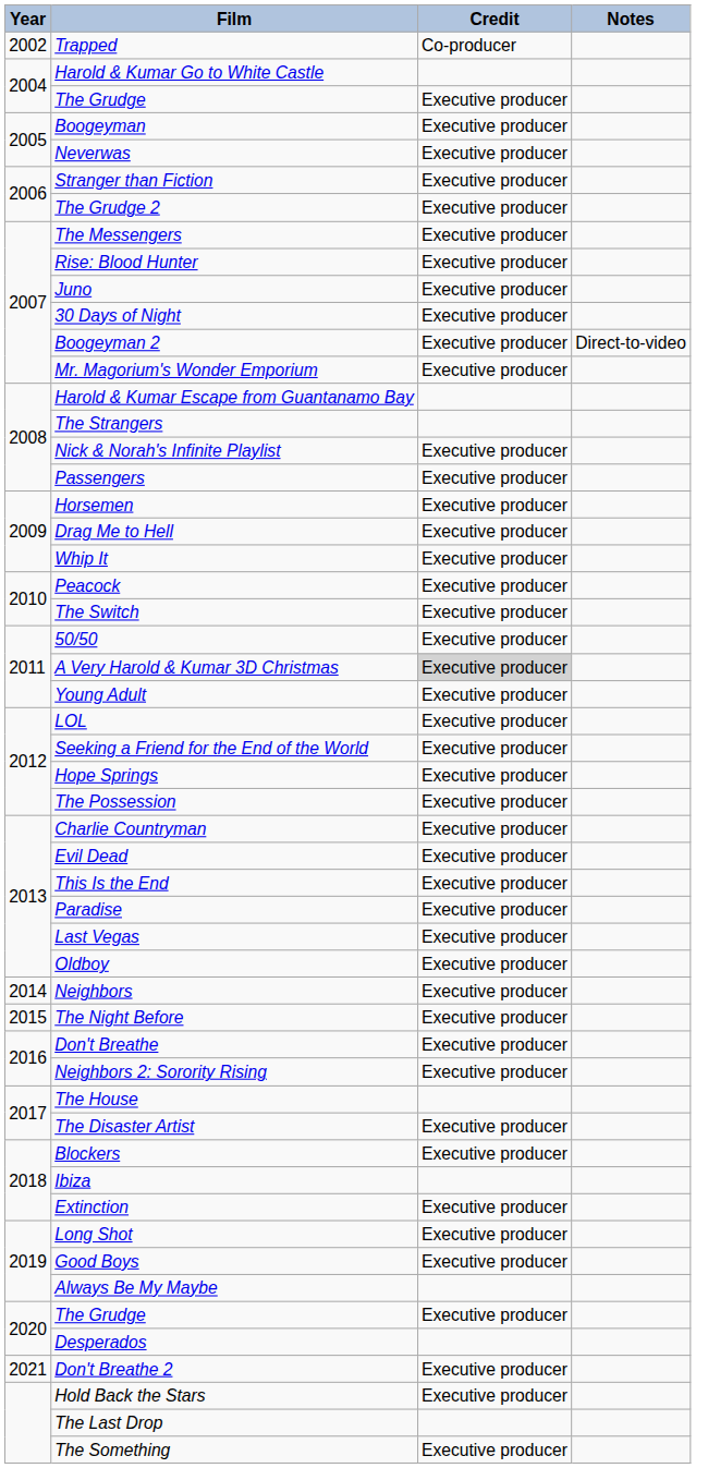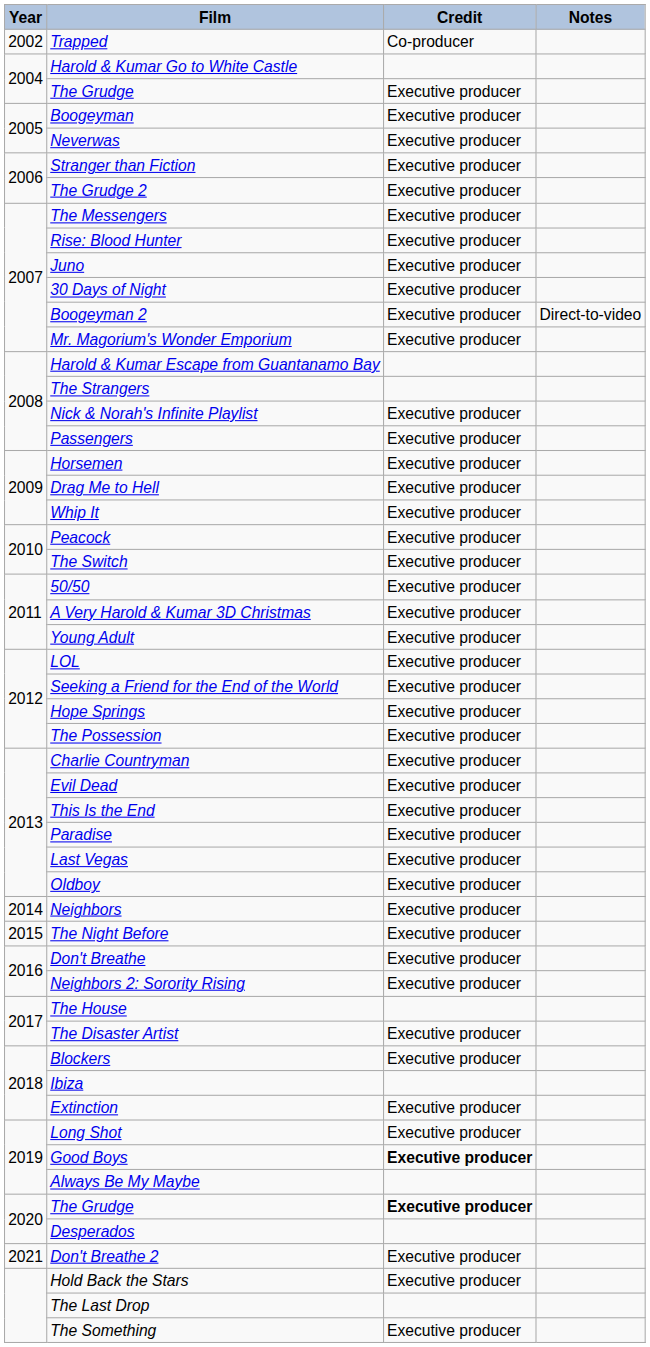 <table class="wikitable" style="font-size:95%;">
 <tr>
 <th style="background:#B0C4DE;">Year</th>
 <th style="background:#B0C4DE;">Film</th>
 <th style="background:#B0C4DE;">Credit</th>
 <th style="background:#B0C4DE;">Notes</th>
 </tr>
 <tr>
 <td>2002</td>
 <td><em><a href='#'>Trapped</a></em></td>
 <td>Co-producer</td>
 <td></td>
 </tr>
 <tr>
 <td rowspan=2>2004</td>
 <td><em><a href='#'>Harold & Kumar Go to White Castle</a></em></td>
 <td></td>
 <td></td>
 </tr>
 <tr>
 <td><em><a href='#'>The Grudge</a></em></td>
 <td>Executive producer</td>
 <td></td>
 </tr>
 <tr>
 <td rowspan=2>2005</td>
 <td><em><a href='#'>Boogeyman</a></em></td>
 <td>Executive producer</td>
 <td></td>
 </tr>
 <tr>
 <td><em><a href='#'>Neverwas</a></em></td>
 <td>Executive producer</td>
 <td></td>
 </tr>
 <tr>
 <td rowspan=2>2006</td>
 <td><em><a href='#'>Stranger than Fiction</a></em></td>
 <td>Executive producer</td>
 <td></td>
 </tr>
 <tr>
 <td><em><a href='#'>The Grudge 2</a></em></td>
 <td>Executive producer</td>
 <td></td>
 </tr>
 <tr>
 <td rowspan=6>2007</td>
 <td><em><a href='#'>The Messengers</a></em></td>
 <td>Executive producer</td>
 <td></td>
 </tr>
 <tr>
 <td><em><a href='#'>Rise: Blood Hunter</a></em></td>
 <td>Executive producer</td>
 <td></td>
 </tr>
 <tr>
 <td><em><a href='#'>Juno</a></em></td>
 <td>Executive producer</td>
 <td></td>
 </tr>
 <tr>
 <td><em><a href='#'>30 Days of Night</a></em></td>
 <td>Executive producer</td>
 <td></td>
 </tr>
 <tr>
 <td><em><a href='#'>Boogeyman 2</a></em></td>
 <td>Executive producer</td>
 <td>Direct-to-video</td>
 </tr>
 <tr>
 <td><em><a href='#'>Mr. Magorium's Wonder Emporium</a></em></td>
 <td>Executive producer</td>
 <td></td>
 </tr>
 <tr>
 <td rowspan=4>2008</td>
 <td><em><a href='#'>Harold & Kumar Escape from Guantanamo Bay</a></em></td>
 <td></td>
 <td></td>
 </tr>
 <tr>
 <td><em><a href='#'>The Strangers</a></em></td>
 <td></td>
 <td></td>
 </tr>
 <tr>
 <td><em><a href='#'>Nick & Norah's Infinite Playlist</a></em></td>
 <td>Executive producer</td>
 <td></td>
 </tr>
 <tr>
 <td><em><a href='#'>Passengers</a></em></td>
 <td>Executive producer</td>
 <td></td>
 </tr>
 <tr>
 <td rowspan=3>2009</td>
 <td><em><a href='#'>Horsemen</a></em></td>
 <td>Executive producer</td>
 <td></td>
 </tr>
 <tr>
 <td><em><a href='#'>Drag Me to Hell</a></em></td>
 <td>Executive producer</td>
 <td></td>
 </tr>
 <tr>
 <td><em><a href='#'>Whip It</a></em></td>
 <td>Executive producer</td>
 <td></td>
 </tr>
 <tr>
 <td rowspan=2>2010</td>
 <td><em><a href='#'>Peacock</a></em></td>
 <td>Executive producer</td>
 <td></td>
 </tr>
 <tr>
 <td><em><a href='#'>The Switch</a></em></td>
 <td>Executive producer</td>
 <td></td>
 </tr>
 <tr>
 <td rowspan=3>2011</td>
 <td><em><a href='#'>50/50</a></em></td>
 <td>Executive producer</td>
 <td></td>
 </tr>
 <tr>
 <td><em><a href='#'>A Very Harold & Kumar 3D Christmas</a></em></td>
-<td style="background: lightgrey;">Executive producer</td>
+<td>Executive producer</td>
 <td></td>
 </tr>
 <tr>
 <td><em><a href='#'>Young Adult</a></em></td>
 <td>Executive producer</td>
 <td></td>
 </tr>
 <tr>
 <td rowspan=4>2012</td>
 <td><em><a href='#'>LOL</a></em></td>
 <td>Executive producer</td>
 <td></td>
 </tr>
 <tr>
 <td><em><a href='#'>Seeking a Friend for the End of the World</a></em></td>
 <td>Executive producer</td>
 <td></td>
 </tr>
 <tr>
 <td><em><a href='#'>Hope Springs</a></em></td>
 <td>Executive producer</td>
 <td></td>
 </tr>
 <tr>
 <td><em><a href='#'>The Possession</a></em></td>
 <td>Executive producer</td>
 <td></td>
 </tr>
 <tr>
 <td rowspan=6>2013</td>
 <td><em><a href='#'>Charlie Countryman</a></em></td>
 <td>Executive producer</td>
 <td></td>
 </tr>
 <tr>
 <td><em><a href='#'>Evil Dead</a></em></td>
 <td>Executive producer</td>
 <td></td>
 </tr>
 <tr>
 <td><em><a href='#'>This Is the End</a></em></td>
 <td>Executive producer</td>
 <td></td>
 </tr>
 <tr>
 <td><em><a href='#'>Paradise</a></em></td>
 <td>Executive producer</td>
 <td></td>
 </tr>
 <tr>
 <td><em><a href='#'>Last Vegas</a></em></td>
 <td>Executive producer</td>
 <td></td>
 </tr>
 <tr>
 <td><em><a href='#'>Oldboy</a></em></td>
 <td>Executive producer</td>
 <td></td>
 </tr>
 <tr>
 <td>2014</td>
 <td><em><a href='#'>Neighbors</a></em></td>
 <td>Executive producer</td>
 <td></td>
 </tr>
 <tr>
 <td>2015</td>
 <td><em><a href='#'>The Night Before</a></em></td>
 <td>Executive producer</td>
 <td></td>
 </tr>
 <tr>
 <td rowspan=2>2016</td>
 <td><em><a href='#'>Don't Breathe</a></em></td>
 <td>Executive producer</td>
 <td></td>
 </tr>
 <tr>
 <td><em><a href='#'>Neighbors 2: Sorority Rising</a></em></td>
 <td>Executive producer</td>
 <td></td>
 </tr>
 <tr>
 <td rowspan=2>2017</td>
 <td><em><a href='#'>The House</a></em></td>
 <td></td>
 <td></td>
 </tr>
 <tr>
 <td><em><a href='#'>The Disaster Artist</a></em></td>
 <td>Executive producer</td>
 <td></td>
 </tr>
 <tr>
 <td rowspan=3>2018</td>
 <td><em><a href='#'>Blockers</a></em></td>
 <td>Executive producer</td>
 <td></td>
 </tr>
 <tr>
 <td><em><a href='#'>Ibiza</a></em></td>
 <td></td>
 <td></td>
 </tr>
 <tr>
 <td><em><a href='#'>Extinction</a></em></td>
 <td>Executive producer</td>
 <td></td>
 </tr>
 <tr>
 <td rowspan=3>2019</td>
 <td><em><a href='#'>Long Shot</a></em></td>
 <td>Executive producer</td>
 <td></td>
 </tr>
 <tr>
 <td><em><a href='#'>Good Boys</a></em></td>
-<td>Executive producer</td>
+<td><strong>Executive producer</strong></td>
 <td></td>
 </tr>
 <tr>
 <td><em><a href='#'>Always Be My Maybe</a></em></td>
 <td></td>
 <td></td>
 </tr>
 <tr>
 <td rowspan=2>2020</td>
 <td><em><a href='#'>The Grudge</a></em></td>
-<td>Executive producer</td>
+<td><strong>Executive producer</strong></td>
 <td></td>
 </tr>
 <tr>
 <td><em><a href='#'>Desperados</a></em></td>
 <td></td>
 <td></td>
 </tr>
 <tr>
 <td>2021</td>
 <td><em><a href='#'>Don't Breathe 2</a></em></td>
 <td>Executive producer</td>
 <td></td>
 </tr>
 <tr>
 <td rowspan=3 style="text-align:center;"></td>
 <td><em>Hold Back the Stars</em></td>
 <td>Executive producer</td>
 <td></td>
 </tr>
 <tr>
 <td><em>The Last Drop</em></td>
 <td></td>
 <td></td>
 </tr>
 <tr>
 <td><em>The Something</em></td>
 <td>Executive producer</td>
 <td></td>
 </tr>
 </table>
